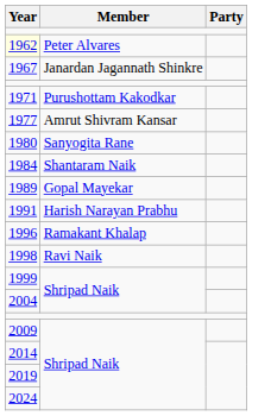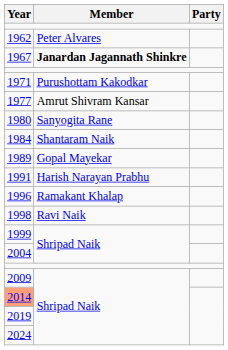 <table class="wikitable">
 <tr>
 <th>Year</th>
 <th>Member</th>
 <th colspan="2">Party</th>
 </tr>
 <tr>
 <td colspan="4"></td>
 </tr>
 <tr>
-<td style="background: lightyellow;"><a href='#'>1962</a></td>
+<td><a href='#'>1962</a></td>
 <td><a href='#'>Peter Alvares</a></td>
 <td></td>
 </tr>
 <tr>
 <td><a href='#'>1967</a></td>
-<td>Janardan Jagannath Shinkre</td>
+<td><strong>Janardan Jagannath Shinkre</strong></td>
 <td></td>
 </tr>
 <tr>
 <td colspan="4"></td>
 </tr>
 <tr>
 <td><a href='#'>1971</a></td>
 <td><a href='#'>Purushottam Kakodkar</a></td>
 <td></td>
 </tr>
 <tr>
 <td><a href='#'>1977</a></td>
 <td>Amrut Shivram Kansar</td>
 <td></td>
 </tr>
 <tr>
 <td><a href='#'>1980</a></td>
 <td><a href='#'>Sanyogita Rane</a></td>
 </tr>
 <tr>
 <td><a href='#'>1984</a></td>
 <td><a href='#'>Shantaram Naik</a></td>
 <td></td>
 </tr>
 <tr>
 <td><a href='#'>1989</a></td>
 <td><a href='#'>Gopal Mayekar</a></td>
 <td></td>
 </tr>
 <tr>
 <td><a href='#'>1991</a></td>
 <td><a href='#'>Harish Narayan Prabhu</a></td>
 <td></td>
 </tr>
 <tr>
 <td><a href='#'>1996</a></td>
 <td><a href='#'>Ramakant Khalap</a></td>
 <td></td>
 </tr>
 <tr>
 <td><a href='#'>1998</a></td>
 <td><a href='#'>Ravi Naik</a></td>
 <td></td>
 </tr>
 <tr>
 <td><a href='#'>1999</a></td>
 <td rowspan="2"><a href='#'>Shripad Naik</a></td>
 <td></td>
 </tr>
 <tr>
 <td><a href='#'>2004</a></td>
 </tr>
 <tr>
 <td colspan="4"></td>
 </tr>
 <tr>
 <td><a href='#'>2009</a></td>
 <td rowspan="4"><a href='#'>Shripad Naik</a></td>
 <td></td>
 </tr>
 <tr>
-<td><a href='#'>2014</a></td>
+<td style="background: lightsalmon;"><a href='#'>2014</a></td>
 </tr>
 <tr>
 <td><a href='#'>2019</a></td>
 </tr>
 <tr>
 <td><a href='#'>2024</a></td>
 </tr>
 </table>
